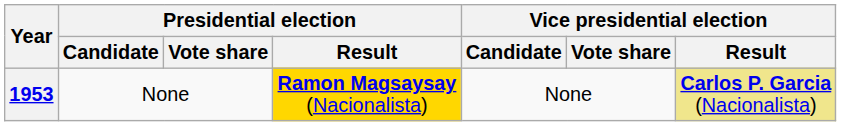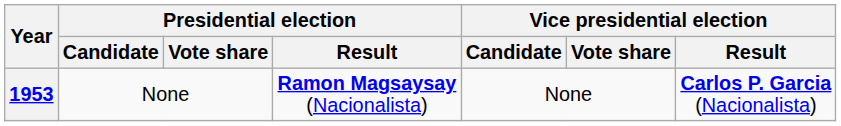 <table class="wikitable" style="text-align:center; font-size:90%">
 <tr>
 <th rowspan="2">Year</th>
 <th colspan="3">Presidential election</th>
 <th colspan="3">Vice presidential election</th>
 </tr>
 <tr>
 <th>Candidate</th>
 <th>Vote share</th>
 <th>Result</th>
 <th>Candidate</th>
 <th>Vote share</th>
 <th>Result</th>
 </tr>
 <tr>
 <th><a href='#'>1953</a></th>
 <td colspan="2">None</td>
-<td style="background: gold;"><strong><a href='#'>Ramon Magsaysay</a></strong><br>(<a href='#'>Nacionalista</a>)</td>
+<td><strong><a href='#'>Ramon Magsaysay</a></strong><br>(<a href='#'>Nacionalista</a>)</td>
 <td colspan="2">None</td>
-<td style="background: khaki;"><strong><a href='#'>Carlos P. Garcia</a></strong><br>(<a href='#'>Nacionalista</a>)</td>
+<td><strong><a href='#'>Carlos P. Garcia</a></strong><br>(<a href='#'>Nacionalista</a>)</td>
 </tr>
 </table>
